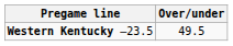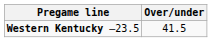 <table class="wikitable">
 <tr align="center">
 <th>Pregame line</th>
 <th>Over/under</th>
 </tr>
 <tr align="center">
 <td><strong>Western Kentucky</strong> –23.5</td>
-<td>49.5</td>
+<td>41.5</td>
 </tr>
 </table>
